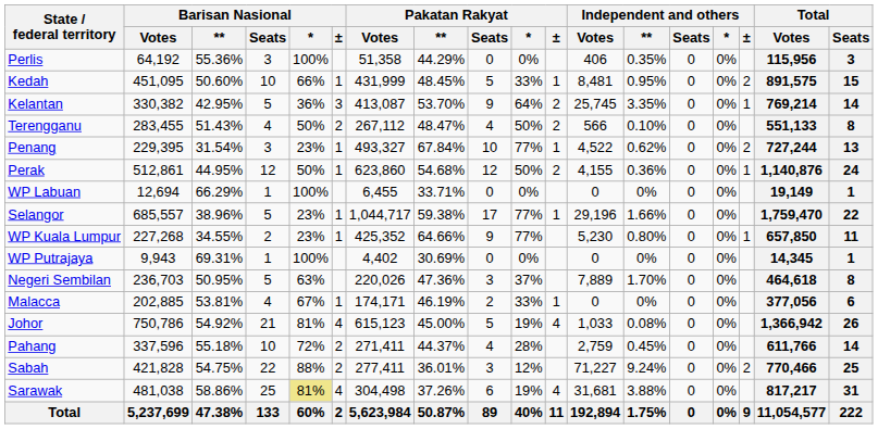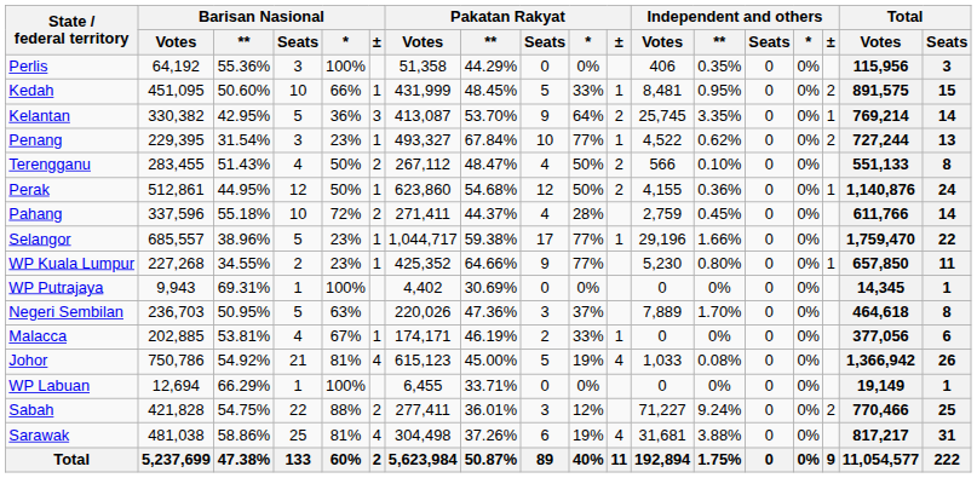 <table class="wikitable sortable" style="text-align:center;">
 <tr>
 <th colspan="1" rowspan="2">State / <br>federal territory</th>
 <th colspan="5" style="background:">Barisan Nasional</th>
 <th colspan="5" style="background:">Pakatan Rakyat</th>
 <th colspan="5" style="background:">Independent and others</th>
 <th colspan=2>Total</th>
 </tr>
 <tr>
 <th>Votes</th>
 <th>**</th>
 <th>Seats</th>
 <th>*</th>
 <th>±</th>
 <th>Votes</th>
 <th>**</th>
 <th>Seats</th>
 <th>*</th>
 <th>±</th>
 <th>Votes</th>
 <th>**</th>
 <th>Seats</th>
 <th>*</th>
 <th>±</th>
 <th>Votes</th>
 <th>Seats</th>
 </tr>
 <tr>
 <td style="text-align:left;">                <a href='#'>Perlis</a></td>
 <td>64,192</td>
 <td>55.36%</td>
 <td>3</td>
 <td>100%</td>
 <td></td>
 <td>51,358</td>
 <td>44.29%</td>
 <td>0</td>
 <td>0%</td>
 <td></td>
 <td>406</td>
 <td>0.35%</td>
 <td>0</td>
 <td>0%</td>
 <td></td>
 <th>115,956</th>
 <th>3</th>
 </tr>
 <tr>
 <td style="text-align:left;">                 <a href='#'>Kedah</a></td>
 <td>451,095</td>
 <td>50.60%</td>
 <td>10</td>
 <td>66%</td>
 <td>1</td>
 <td>431,999</td>
 <td>48.45%</td>
 <td>5</td>
 <td>33%</td>
 <td>1</td>
 <td>8,481</td>
 <td>0.95%</td>
 <td>0</td>
 <td>0%</td>
 <td>2</td>
 <th>891,575</th>
 <th>15</th>
 </tr>
 <tr>
 <td style="text-align:left;">              <a href='#'>Kelantan</a></td>
 <td>330,382</td>
 <td>42.95%</td>
 <td>5</td>
 <td>36%</td>
 <td>3</td>
 <td>413,087</td>
 <td>53.70%</td>
 <td>9</td>
 <td>64%</td>
 <td>2</td>
 <td>25,745</td>
 <td>3.35%</td>
 <td>0</td>
 <td>0%</td>
 <td>1</td>
 <th>769,214</th>
 <th>14</th>
 </tr>
 <tr>
+<td style="text-align:left;">     <a href='#'>Penang</a></td>
+<td>229,395</td>
+<td>31.54%</td>
+<td>3</td>
+<td>23%</td>
+<td>1</td>
+<td>493,327</td>
+<td>67.84%</td>
+<td>10</td>
+<td>77%</td>
+<td>1</td>
+<td>4,522</td>
+<td>0.62%</td>
+<td>0</td>
+<td>0%</td>
+<td>2</td>
+<th>727,244</th>
+<th>13</th>
+</tr>
+<tr>
 <td style="text-align:left;">            <a href='#'>Terengganu</a></td>
 <td>283,455</td>
 <td>51.43%</td>
 <td>4</td>
 <td>50%</td>
 <td>2</td>
 <td>267,112</td>
 <td>48.47%</td>
 <td>4</td>
 <td>50%</td>
 <td>2</td>
 <td>566</td>
 <td>0.10%</td>
 <td>0</td>
 <td>0%</td>
 <td></td>
 <th>551,133</th>
 <th>8</th>
-</tr>
-<tr>
-<td style="text-align:left;">     <a href='#'>Penang</a></td>
-<td>229,395</td>
-<td>31.54%</td>
-<td>3</td>
-<td>23%</td>
-<td>1</td>
-<td>493,327</td>
-<td>67.84%</td>
-<td>10</td>
-<td>77%</td>
-<td>1</td>
-<td>4,522</td>
-<td>0.62%</td>
-<td>0</td>
-<td>0%</td>
-<td>2</td>
-<th>727,244</th>
-<th>13</th>
 </tr>
 <tr>
 <td style="text-align:left;">                 <a href='#'>Perak</a></td>
 <td>512,861</td>
 <td>44.95%</td>
 <td>12</td>
 <td>50%</td>
 <td>1</td>
 <td>623,860</td>
 <td>54.68%</td>
 <td>12</td>
 <td>50%</td>
 <td>2</td>
 <td>4,155</td>
 <td>0.36%</td>
 <td>0</td>
 <td>0%</td>
 <td>1</td>
 <th>1,140,876</th>
 <th>24</th>
 </tr>
 <tr>
-<td style="text-align:left;">                <a href='#'>WP Labuan</a></td>
-<td>12,694</td>
-<td>66.29%</td>
-<td>1</td>
-<td>100%</td>
+<td style="text-align:left;">                <a href='#'>Pahang</a></td>
+<td>337,596</td>
+<td>55.18%</td>
+<td>10</td>
+<td>72%</td>
+<td>2</td>
+<td>271,411</td>
+<td>44.37%</td>
+<td>4</td>
+<td>28%</td>
 <td></td>
-<td>6,455</td>
-<td>33.71%</td>
+<td>2,759</td>
+<td>0.45%</td>
 <td>0</td>
 <td>0%</td>
 <td></td>
-<td>0</td>
-<td>0%</td>
-<td>0</td>
-<td>0%</td>
-<td></td>
-<th>19,149</th>
-<th>1</th>
+<th>611,766</th>
+<th>14</th>
 </tr>
 <tr>
 <td style="text-align:left;">              <a href='#'>Selangor</a></td>
 <td>685,557</td>
 <td>38.96%</td>
 <td>5</td>
 <td>23%</td>
 <td>1</td>
 <td>1,044,717</td>
 <td>59.38%</td>
 <td>17</td>
 <td>77%</td>
 <td>1</td>
 <td>29,196</td>
 <td>1.66%</td>
 <td>0</td>
 <td>0%</td>
 <td></td>
 <th>1,759,470</th>
 <th>22</th>
 </tr>
 <tr>
 <td style="text-align:left;"> <a href='#'>WP Kuala Lumpur</a></td>
 <td>227,268</td>
 <td>34.55%</td>
 <td>2</td>
 <td>23%</td>
 <td>1</td>
 <td>425,352</td>
 <td>64.66%</td>
 <td>9</td>
 <td>77%</td>
 <td></td>
 <td>5,230</td>
 <td>0.80%</td>
 <td>0</td>
 <td>0%</td>
 <td>1</td>
 <th>657,850</th>
 <th>11</th>
 </tr>
 <tr>
 <td style="text-align:left;">             <a href='#'>WP Putrajaya</a></td>
 <td>9,943</td>
 <td>69.31%</td>
 <td>1</td>
 <td>100%</td>
 <td></td>
 <td>4,402</td>
 <td>30.69%</td>
 <td>0</td>
 <td>0%</td>
 <td></td>
 <td>0</td>
 <td>0%</td>
 <td>0</td>
 <td>0%</td>
 <td></td>
 <th>14,345</th>
 <th>1</th>
 </tr>
 <tr>
 <td style="text-align:left;">       <a href='#'>Negeri Sembilan</a></td>
 <td>236,703</td>
 <td>50.95%</td>
 <td>5</td>
 <td>63%</td>
 <td></td>
 <td>220,026</td>
 <td>47.36%</td>
 <td>3</td>
 <td>37%</td>
 <td></td>
 <td>7,889</td>
 <td>1.70%</td>
 <td>0</td>
 <td>0%</td>
 <td></td>
 <th>464,618</th>
 <th>8</th>
 </tr>
 <tr>
 <td style="text-align:left;">               <a href='#'>Malacca</a></td>
 <td>202,885</td>
 <td>53.81%</td>
 <td>4</td>
 <td>67%</td>
 <td>1</td>
 <td>174,171</td>
 <td>46.19%</td>
 <td>2</td>
 <td>33%</td>
 <td>1</td>
 <td>0</td>
 <td>0%</td>
 <td>0</td>
 <td>0%</td>
 <td></td>
 <th>377,056</th>
 <th>6</th>
 </tr>
 <tr>
 <td style="text-align:left;">                 <a href='#'>Johor</a></td>
 <td>750,786</td>
 <td>54.92%</td>
 <td>21</td>
 <td>81%</td>
 <td>4</td>
 <td>615,123</td>
 <td>45.00%</td>
 <td>5</td>
 <td>19%</td>
 <td>4</td>
 <td>1,033</td>
 <td>0.08%</td>
 <td>0</td>
 <td>0%</td>
 <td></td>
 <th>1,366,942</th>
 <th>26</th>
 </tr>
 <tr>
-<td style="text-align:left;">                <a href='#'>Pahang</a></td>
-<td>337,596</td>
-<td>55.18%</td>
-<td>10</td>
-<td>72%</td>
-<td>2</td>
-<td>271,411</td>
-<td>44.37%</td>
-<td>4</td>
-<td>28%</td>
+<td style="text-align:left;">                <a href='#'>WP Labuan</a></td>
+<td>12,694</td>
+<td>66.29%</td>
+<td>1</td>
+<td>100%</td>
 <td></td>
-<td>2,759</td>
-<td>0.45%</td>
+<td>6,455</td>
+<td>33.71%</td>
 <td>0</td>
 <td>0%</td>
 <td></td>
-<th>611,766</th>
-<th>14</th>
+<td>0</td>
+<td>0%</td>
+<td>0</td>
+<td>0%</td>
+<td></td>
+<th>19,149</th>
+<th>1</th>
 </tr>
 <tr>
 <td style="text-align:left;">                 <a href='#'>Sabah</a></td>
 <td>421,828</td>
 <td>54.75%</td>
 <td>22</td>
 <td>88%</td>
 <td>2</td>
 <td>277,411</td>
 <td>36.01%</td>
 <td>3</td>
 <td>12%</td>
 <td></td>
 <td>71,227</td>
 <td>9.24%</td>
 <td>0</td>
 <td>0%</td>
 <td>2</td>
 <th>770,466</th>
 <th>25</th>
 </tr>
 <tr>
 <td style="text-align:left;">               <a href='#'>Sarawak</a></td>
 <td>481,038</td>
 <td>58.86%</td>
 <td>25</td>
-<td style="background: khaki;">81%</td>
+<td>81%</td>
 <td>4</td>
 <td>304,498</td>
 <td>37.26%</td>
 <td>6</td>
 <td>19%</td>
 <td>4</td>
 <td>31,681</td>
 <td>3.88%</td>
 <td>0</td>
 <td>0%</td>
 <td></td>
 <th>817,217</th>
 <th>31</th>
 </tr>
 <tr>
 <th>Total</th>
 <th>5,237,699</th>
 <th>47.38%</th>
 <th>133</th>
 <th>60%</th>
 <th>2</th>
 <th>5,623,984</th>
 <th>50.87%</th>
 <th>89</th>
 <th>40%</th>
 <th>11</th>
 <th>192,894</th>
 <th>1.75%</th>
 <th>0</th>
 <th>0%</th>
 <th>9</th>
 <th>11,054,577</th>
 <th>222</th>
 </tr>
 </table>
